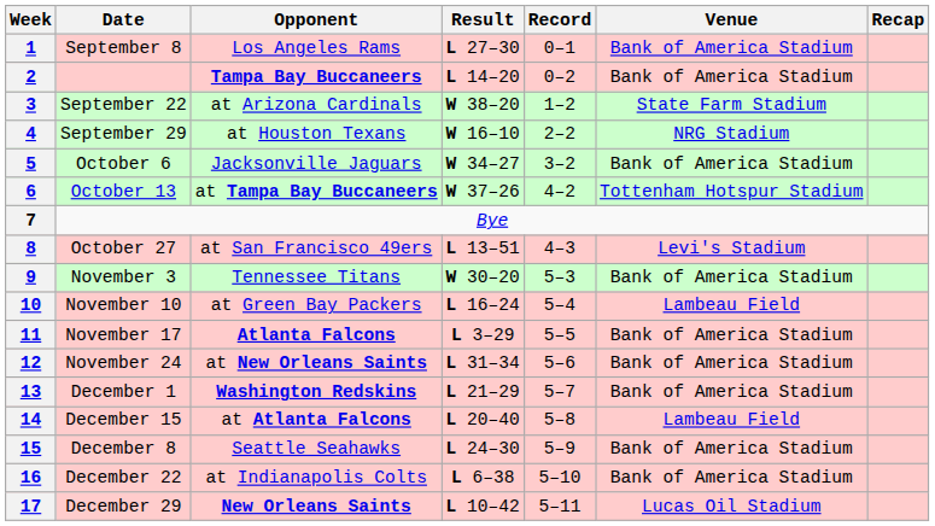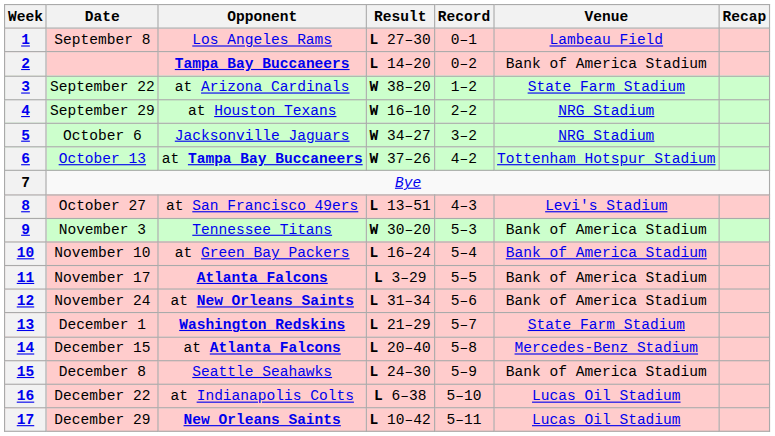 <table class="wikitable" style="text-align:center">
 <tr>
 <th>Week</th>
 <th>Date</th>
 <th>Opponent</th>
 <th>Result</th>
 <th>Record</th>
 <th>Venue</th>
 <th>Recap</th>
 </tr>
 <tr style="background:#fcc">
 <th><a href='#'>1</a></th>
 <td>September 8</td>
 <td><a href='#'>Los Angeles Rams</a></td>
 <td><strong>L</strong> 27–30</td>
 <td>0–1</td>
-<td><a href='#'>Bank of America Stadium</a></td>
+<td><a href='#'>Lambeau Field</a></td>
 <td></td>
 </tr>
 <tr style="background:#fcc">
 <th><a href='#'>2</a></th>
 <td></td>
 <td><strong><a href='#'>Tampa Bay Buccaneers</a></strong></td>
 <td><strong>L</strong> 14–20</td>
 <td>0–2</td>
 <td>Bank of America Stadium</td>
 <td></td>
 </tr>
 <tr style="background:#cfc">
 <th><a href='#'>3</a></th>
 <td>September 22</td>
 <td>at <a href='#'>Arizona Cardinals</a></td>
 <td><strong>W</strong> 38–20</td>
 <td>1–2</td>
 <td><a href='#'>State Farm Stadium</a></td>
 <td></td>
 </tr>
 <tr style="background:#cfc">
 <th><a href='#'>4</a></th>
 <td>September 29</td>
 <td>at <a href='#'>Houston Texans</a></td>
 <td><strong>W</strong> 16–10</td>
 <td>2–2</td>
 <td><a href='#'>NRG Stadium</a></td>
 <td></td>
 </tr>
 <tr style="background:#cfc">
 <th><a href='#'>5</a></th>
 <td>October 6</td>
 <td><a href='#'>Jacksonville Jaguars</a></td>
 <td><strong>W</strong> 34–27</td>
 <td>3–2</td>
-<td>Bank of America Stadium</td>
+<td><a href='#'>NRG Stadium</a></td>
 <td></td>
 </tr>
 <tr style="background:#cfc">
 <th><a href='#'>6</a></th>
 <td><a href='#'>October 13</a></td>
 <td>at <strong><a href='#'>Tampa Bay Buccaneers</a></strong></td>
 <td><strong>W</strong> 37–26</td>
 <td>4–2</td>
 <td> <a href='#'>Tottenham Hotspur Stadium</a> </td>
 <td></td>
 </tr>
 <tr>
 <th>7</th>
 <td colspan="6"><em><a href='#'>Bye</a></em></td>
 </tr>
 <tr style="background:#fcc">
 <th><a href='#'>8</a></th>
 <td>October 27</td>
 <td>at <a href='#'>San Francisco 49ers</a></td>
 <td><strong>L</strong> 13–51</td>
 <td>4–3</td>
 <td><a href='#'>Levi's Stadium</a></td>
 <td></td>
 </tr>
 <tr style="background:#cfc">
 <th><a href='#'>9</a></th>
 <td>November 3</td>
 <td><a href='#'>Tennessee Titans</a></td>
 <td><strong>W</strong> 30–20</td>
 <td>5–3</td>
 <td>Bank of America Stadium</td>
 <td></td>
 </tr>
 <tr style="background:#fcc">
 <th><a href='#'>10</a></th>
 <td>November 10</td>
 <td>at <a href='#'>Green Bay Packers</a></td>
 <td><strong>L</strong> 16–24</td>
 <td>5–4</td>
-<td><a href='#'>Lambeau Field</a></td>
+<td><a href='#'>Bank of America Stadium</a></td>
 <td></td>
 </tr>
 <tr style="background:#fcc">
 <th><a href='#'>11</a></th>
 <td>November 17</td>
 <td><strong><a href='#'>Atlanta Falcons</a></strong></td>
 <td><strong>L</strong> 3–29</td>
 <td>5–5</td>
 <td>Bank of America Stadium</td>
 <td></td>
 </tr>
 <tr style="background:#fcc">
 <th><a href='#'>12</a></th>
 <td>November 24</td>
 <td>at <strong><a href='#'>New Orleans Saints</a></strong></td>
 <td><strong>L</strong> 31–34</td>
 <td>5–6</td>
 <td>Bank of America Stadium</td>
 <td></td>
 </tr>
 <tr style="background:#fcc">
 <th><a href='#'>13</a></th>
 <td>December 1</td>
 <td><strong><a href='#'>Washington Redskins</a></strong></td>
 <td><strong>L</strong> 21–29</td>
 <td>5–7</td>
-<td>Bank of America Stadium</td>
+<td><a href='#'>State Farm Stadium</a></td>
 <td></td>
 </tr>
 <tr style="background:#fcc">
 <th><a href='#'>14</a></th>
 <td>December 15</td>
 <td>at <strong><a href='#'>Atlanta Falcons</a></strong></td>
 <td><strong>L</strong> 20–40</td>
 <td>5–8</td>
-<td><a href='#'>Lambeau Field</a></td>
+<td><a href='#'>Mercedes-Benz Stadium</a></td>
 <td></td>
 </tr>
 <tr style="background:#fcc">
 <th><a href='#'>15</a></th>
 <td>December 8</td>
 <td><a href='#'>Seattle Seahawks</a></td>
 <td><strong>L</strong> 24–30</td>
 <td>5–9</td>
 <td>Bank of America Stadium</td>
 <td></td>
 </tr>
 <tr style="background:#fcc">
 <th><a href='#'>16</a></th>
 <td>December 22</td>
 <td>at <a href='#'>Indianapolis Colts</a></td>
 <td><strong>L</strong> 6–38</td>
 <td>5–10</td>
-<td>Bank of America Stadium</td>
+<td><a href='#'>Lucas Oil Stadium</a></td>
 <td></td>
 </tr>
 <tr style="background:#fcc">
 <th><a href='#'>17</a></th>
 <td>December 29</td>
 <td><strong><a href='#'>New Orleans Saints</a></strong></td>
 <td><strong>L</strong> 10–42</td>
 <td>5–11</td>
 <td><a href='#'>Lucas Oil Stadium</a></td>
 <td></td>
 </tr>
 </table>
